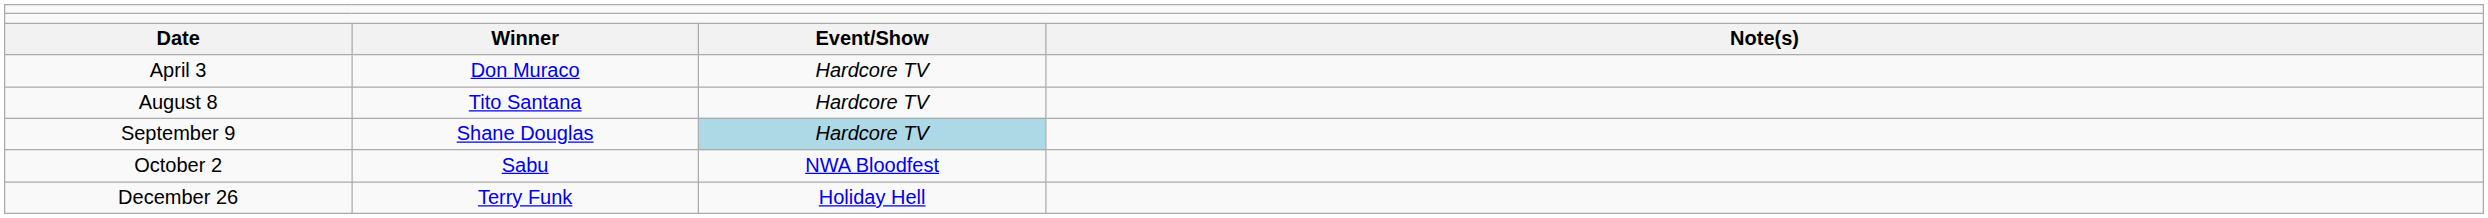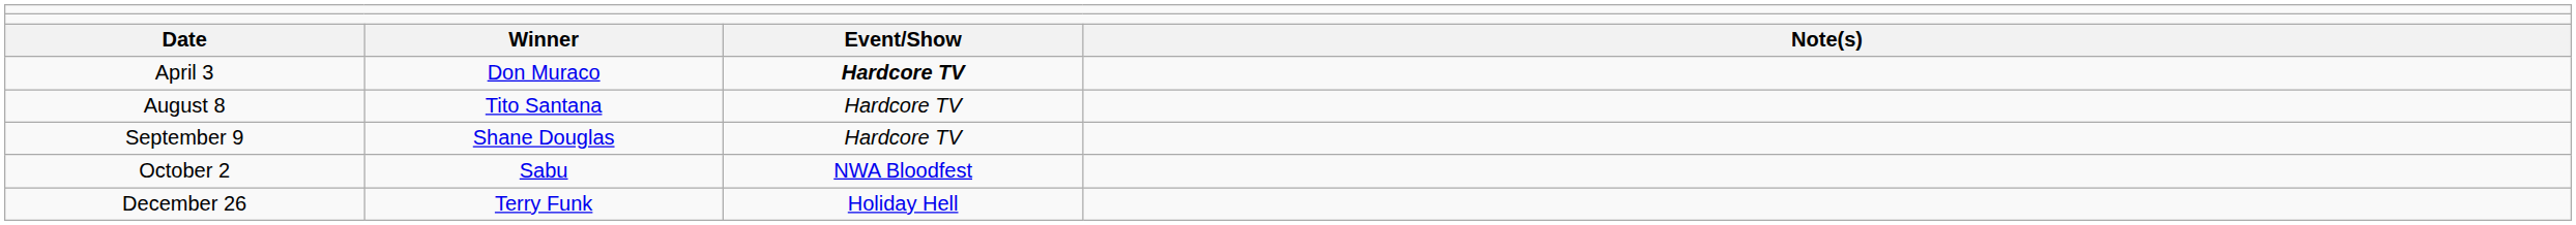 <table class="wikitable" style="text-align:center; width:100%;">
 <tr>
 <td colspan="5"></td>
 </tr>
 <tr>
 <td colspan="5"><strong></strong></td>
 </tr>
 <tr>
 <th width=14%>Date</th>
 <th width=14%>Winner</th>
 <th width=14%>Event/Show</th>
 <th width=58%>Note(s)</th>
 </tr>
 <tr>
 <td>April 3</td>
 <td><a href='#'>Don Muraco</a></td>
-<td><em>Hardcore TV</em></td>
+<td><strong><em>Hardcore TV</em></strong></td>
 <td align=left></td>
 </tr>
 <tr>
 <td>August 8</td>
 <td><a href='#'>Tito Santana</a></td>
 <td><em>Hardcore TV</em></td>
 <td align=left></td>
 </tr>
 <tr>
 <td>September 9</td>
 <td><a href='#'>Shane Douglas</a></td>
-<td style="background: lightblue;"><em>Hardcore TV</em></td>
+<td><em>Hardcore TV</em></td>
 <td align=left></td>
 </tr>
 <tr>
 <td>October 2</td>
 <td><a href='#'>Sabu</a></td>
 <td><a href='#'>NWA Bloodfest</a></td>
 <td align=left></td>
 </tr>
 <tr>
 <td>December 26</td>
 <td><a href='#'>Terry Funk</a></td>
 <td><a href='#'>Holiday Hell</a></td>
 <td align=left></td>
 </tr>
 </table>
